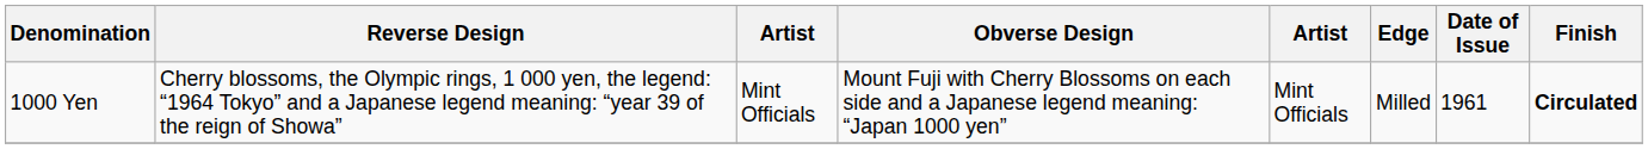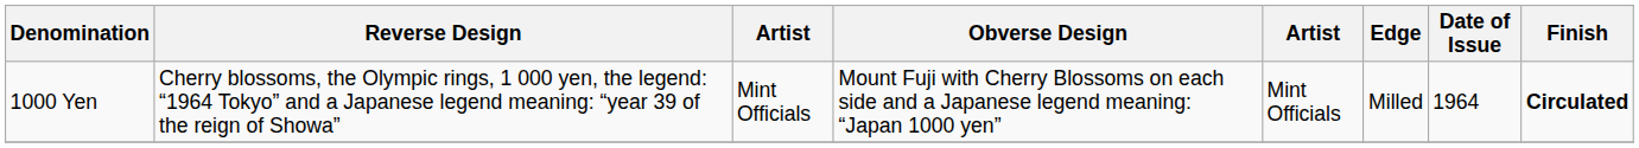 <table class="wikitable">
 <tr>
 <th>Denomination</th>
 <th>Reverse Design</th>
 <th>Artist</th>
 <th>Obverse Design</th>
 <th>Artist</th>
 <th>Edge</th>
 <th>Date of Issue</th>
 <th>Finish</th>
 </tr>
 <tr>
 <td>1000 Yen</td>
 <td>Cherry blossoms, the Olympic rings, 1 000 yen, the legend: “1964 Tokyo” and a Japanese legend meaning: “year 39 of the reign of Showa”</td>
 <td>Mint Officials</td>
 <td>Mount Fuji with Cherry Blossoms on each side and a Japanese legend meaning: “Japan 1000 yen”</td>
 <td>Mint Officials</td>
 <td>Milled</td>
-<td>1961</td>
+<td>1964</td>
 <td><strong>Circulated</strong></td>
 </tr>
 <tr>
 </tr>
 </table>
